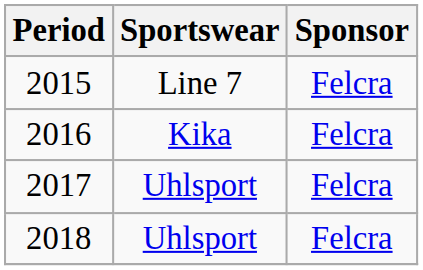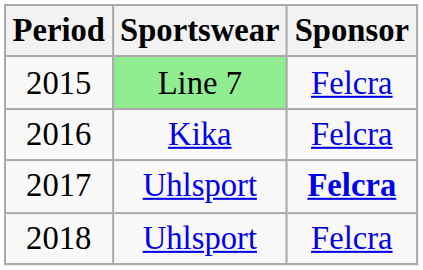 <table class="wikitable" style="text-align: center">
 <tr>
 <th>Period</th>
 <th>Sportswear</th>
 <th>Sponsor</th>
 </tr>
 <tr>
 <td>2015</td>
-<td> Line 7</td>
+<td style="background: lightgreen;"> Line 7</td>
 <td><a href='#'>Felcra</a></td>
 </tr>
 <tr>
 <td>2016</td>
 <td> <a href='#'>Kika</a></td>
 <td><a href='#'>Felcra</a></td>
 </tr>
 <tr>
 <td>2017</td>
 <td> <a href='#'>Uhlsport</a></td>
-<td><a href='#'>Felcra</a></td>
+<td><strong><a href='#'>Felcra</a></strong></td>
 </tr>
 <tr>
 <td>2018</td>
 <td> <a href='#'>Uhlsport</a></td>
 <td><a href='#'>Felcra</a></td>
 </tr>
 <tr>
 </tr>
 </table>
